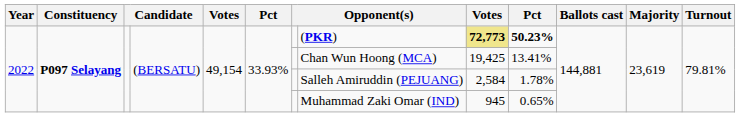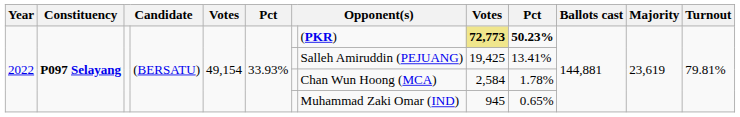 <table class="wikitable" style="margin:0.5em ; font-size:95%">
 <tr>
 <th>Year</th>
 <th>Constituency</th>
 <th colspan=2>Candidate</th>
 <th>Votes</th>
 <th>Pct</th>
 <th colspan=2>Opponent(s)</th>
 <th>Votes</th>
 <th>Pct</th>
 <th>Ballots cast</th>
 <th>Majority</th>
 <th>Turnout</th>
 </tr>
 <tr>
 <td rowspan=4><a href='#'>2022</a></td>
 <td rowspan=4><strong>P097 <a href='#'>Selayang</a></strong></td>
 <td rowspan=4 bgcolor=></td>
 <td rowspan=4> (<a href='#'>BERSATU</a>)</td>
 <td rowspan=4 align="right">49,154</td>
 <td rowspan=4>33.93%</td>
 <td></td>
 <td> (<a href='#'><strong>PKR</strong></a>)</td>
 <td align="right" style="background: khaki;"><strong>72,773</strong></td>
 <td><strong>50.23%</strong></td>
 <td rowspan=4>144,881</td>
 <td rowspan=4>23,619</td>
 <td rowspan=4>79.81%</td>
 </tr>
 <tr>
 <td></td>
-<td>Chan Wun Hoong (<a href='#'>MCA</a>)</td>
+<td>Salleh Amiruddin (<a href='#'>PEJUANG</a>)</td>
 <td align="right">19,425</td>
 <td>13.41%</td>
 </tr>
 <tr>
 <td bgcolor=></td>
-<td>Salleh Amiruddin (<a href='#'>PEJUANG</a>)</td>
+<td>Chan Wun Hoong (<a href='#'>MCA</a>)</td>
 <td align="right">2,584</td>
 <td align="right">1.78%</td>
 </tr>
 <tr>
 <td></td>
 <td>Muhammad Zaki Omar (<a href='#'>IND</a>)</td>
 <td align="right">945</td>
 <td align="right">0.65%</td>
 </tr>
 </table>
